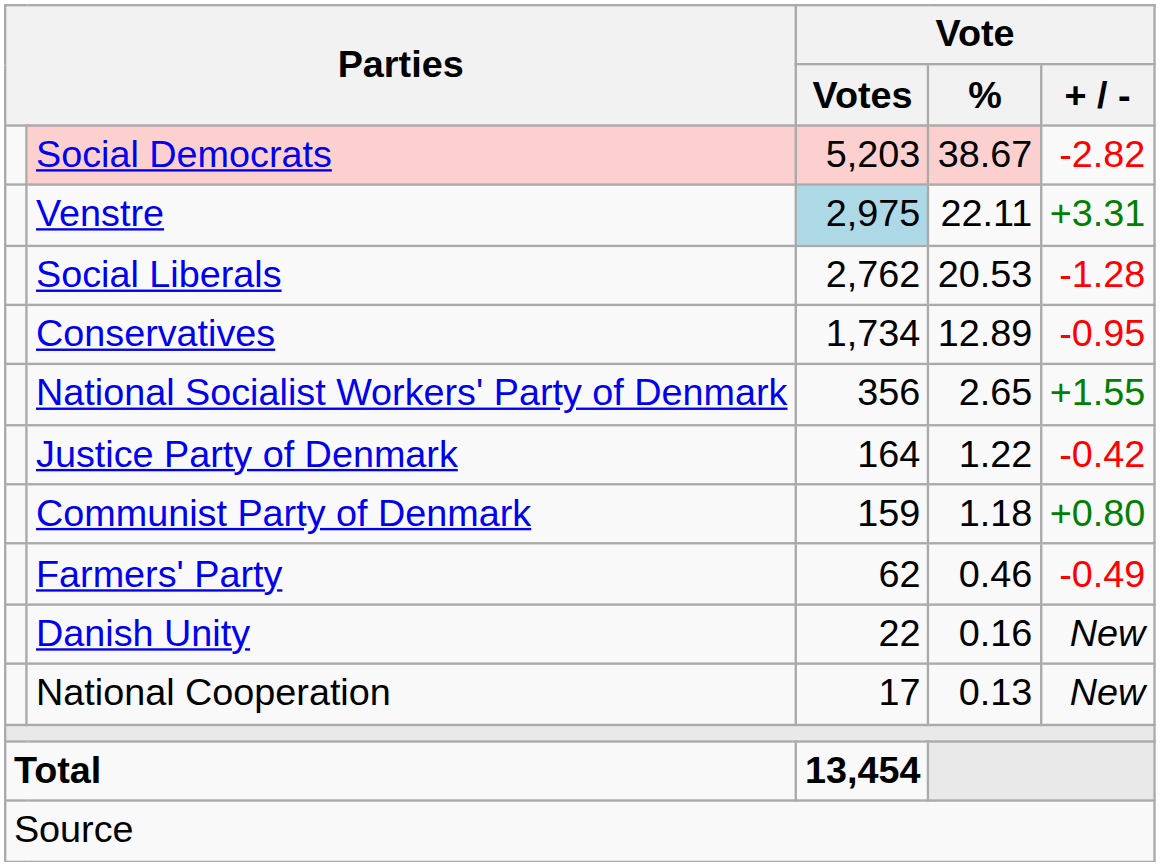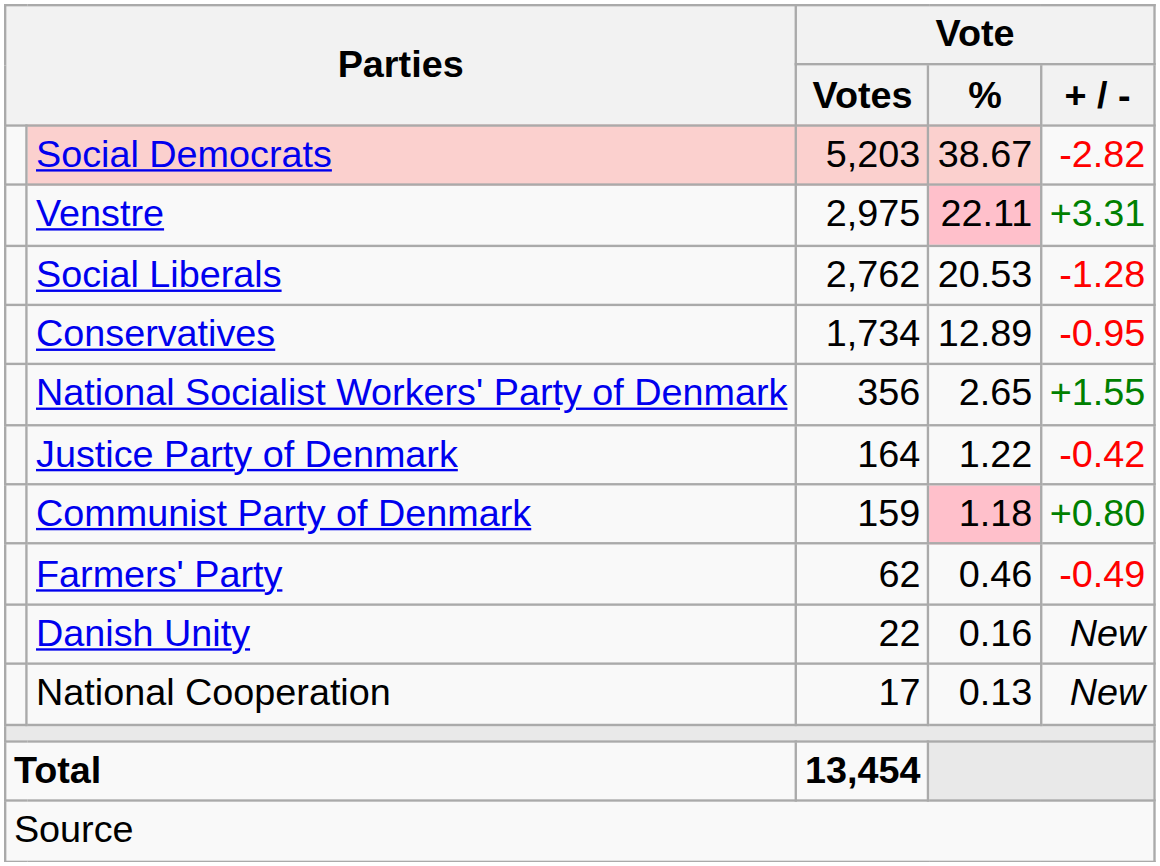 <table class="wikitable" style="text-align:right;">
 <tr>
 <th style="text-align:centre;" rowspan="2" colspan="2" width="225">Parties</th>
 <th colspan="3">Vote</th>
 </tr>
 <tr>
 <th width="15">Votes</th>
 <th width="15">%</th>
 <th width="15">+ / -</th>
 </tr>
 <tr>
 <td width="2" style="color:inherit;background:"></td>
 <td bgcolor=#fbd0ce  align="left"><a href='#'>Social Democrats</a></td>
 <td bgcolor=#fbd0ce>5,203</td>
 <td bgcolor=#fbd0ce>38.67</td>
 <td style=color:red;>-2.82</td>
 </tr>
 <tr>
 <td width="2" style="color:inherit;background:"></td>
 <td align="left"><a href='#'>Venstre</a></td>
-<td style="background: lightblue;">2,975</td>
-<td>22.11</td>
+<td>2,975</td>
+<td style="background: pink;">22.11</td>
 <td style=color:green;>+3.31</td>
 </tr>
 <tr>
 <td width="2" style="color:inherit;background:"></td>
 <td align="left"><a href='#'>Social Liberals</a></td>
 <td>2,762</td>
 <td>20.53</td>
 <td style=color:red;>-1.28</td>
 </tr>
 <tr>
 <td width="2" style="color:inherit;background:"></td>
 <td align="left"><a href='#'>Conservatives</a></td>
 <td>1,734</td>
 <td>12.89</td>
 <td style=color:red;>-0.95</td>
 </tr>
 <tr>
 <td width="2" style="color:inherit;background:"></td>
 <td align="left"><a href='#'>National Socialist Workers' Party of Denmark</a></td>
 <td>356</td>
 <td>2.65</td>
 <td style=color:green;>+1.55</td>
 </tr>
 <tr>
 <td width="2" style="color:inherit;background:"></td>
 <td align="left"><a href='#'>Justice Party of Denmark</a></td>
 <td>164</td>
 <td>1.22</td>
 <td style=color:red;>-0.42</td>
 </tr>
 <tr>
 <td width="2" style="color:inherit;background:"></td>
 <td align="left"><a href='#'>Communist Party of Denmark</a></td>
 <td>159</td>
-<td>1.18</td>
+<td style="background: pink;">1.18</td>
 <td style=color:green;>+0.80</td>
 </tr>
 <tr>
 <td width="2" style="color:inherit;background:"></td>
 <td align="left"><a href='#'>Farmers' Party</a></td>
 <td>62</td>
 <td>0.46</td>
 <td style=color:red;>-0.49</td>
 </tr>
 <tr>
 <td width="2" style="color:inherit;background:"></td>
 <td align="left"><a href='#'>Danish Unity</a></td>
 <td>22</td>
 <td>0.16</td>
 <td><em>New</em></td>
 </tr>
 <tr>
 <td width="2" style="color:inherit;background:"></td>
 <td align="left">National Cooperation</td>
 <td>17</td>
 <td>0.13</td>
 <td><em>New</em></td>
 </tr>
 <tr>
 <td colspan="7" bgcolor="#E9E9E9"></td>
 </tr>
 <tr>
 <td align="left" colspan="2"><strong>Total</strong></td>
 <td><strong>13,454</strong></td>
 <td bgcolor="#E9E9E9" colspan="2"></td>
 </tr>
 <tr>
 <td align="left" colspan="6">Source</td>
 </tr>
 </table>
